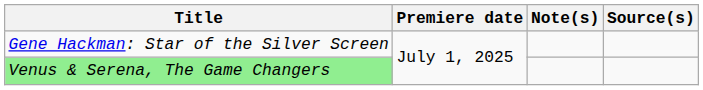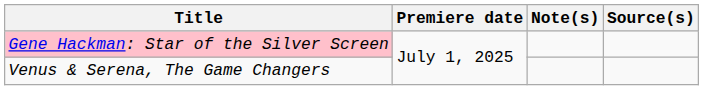 <table class="wikitable sortable">
 <tr>
 <th>Title</th>
 <th>Premiere date</th>
 <th>Note(s)</th>
 <th>Source(s)</th>
 </tr>
 <tr>
-<td><em><a href='#'>Gene Hackman</a>: Star of the Silver Screen</em></td>
+<td style="background: pink;"><em><a href='#'>Gene Hackman</a>: Star of the Silver Screen</em></td>
 <td rowspan="2">July 1, 2025</td>
 <td></td>
 <td></td>
 </tr>
 <tr>
-<td style="background: lightgreen;"><em>Venus & Serena, The Game Changers</em></td>
+<td><em>Venus & Serena, The Game Changers</em></td>
 <td></td>
 <td></td>
 </tr>
 </table>
